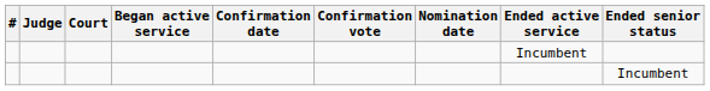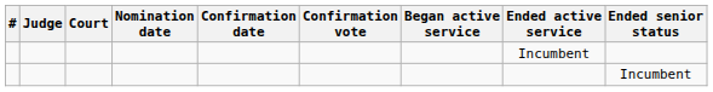 <table class="sortable wikitable">
 <tr bgcolor="#ececec">
 <th>#</th>
 <th>Judge</th>
 <th>Court<br></th>
-<th>Began active<br>service</th>
+<th>Nomination<br>date</th>
 <th>Confirmation<br>date</th>
 <th>Confirmation<br>vote</th>
-<th>Nomination<br>date</th>
+<th>Began active<br>service</th>
 <th>Ended active<br>service</th>
 <th>Ended senior<br>status</th>
 </tr>
 <tr>
 <td></td>
 <td></td>
 <td></td>
 <td></td>
 <td></td>
 <td align="center"></td>
 <td></td>
 <td align="center">Incumbent</td>
 <td align="center"></td>
 </tr>
 <tr>
 <td></td>
 <td></td>
 <td></td>
 <td></td>
 <td></td>
 <td align="center"></td>
 <td></td>
 <td></td>
 <td align="center">Incumbent</td>
 </tr>
 </table>
